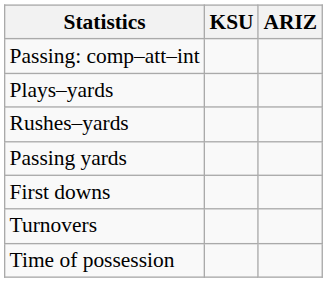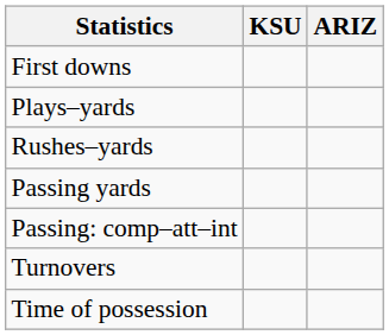 <table class="wikitable" style="float:left">
 <tr>
 <th>Statistics</th>
 <th>KSU</th>
 <th>ARIZ</th>
 </tr>
 <tr>
-<td>Passing: comp–att–int</td>
+<td>First downs</td>
 <td></td>
 <td></td>
 </tr>
 <tr>
 <td>Plays–yards</td>
 <td></td>
 <td></td>
 </tr>
 <tr>
 <td>Rushes–yards</td>
 <td></td>
 <td></td>
 </tr>
 <tr>
 <td>Passing yards</td>
 <td></td>
 <td></td>
 </tr>
 <tr>
-<td>First downs</td>
+<td>Passing: comp–att–int</td>
 <td></td>
 <td></td>
 </tr>
 <tr>
 <td>Turnovers</td>
 <td></td>
 <td></td>
 </tr>
 <tr>
 <td>Time of possession</td>
 <td></td>
 <td></td>
 </tr>
 </table>
